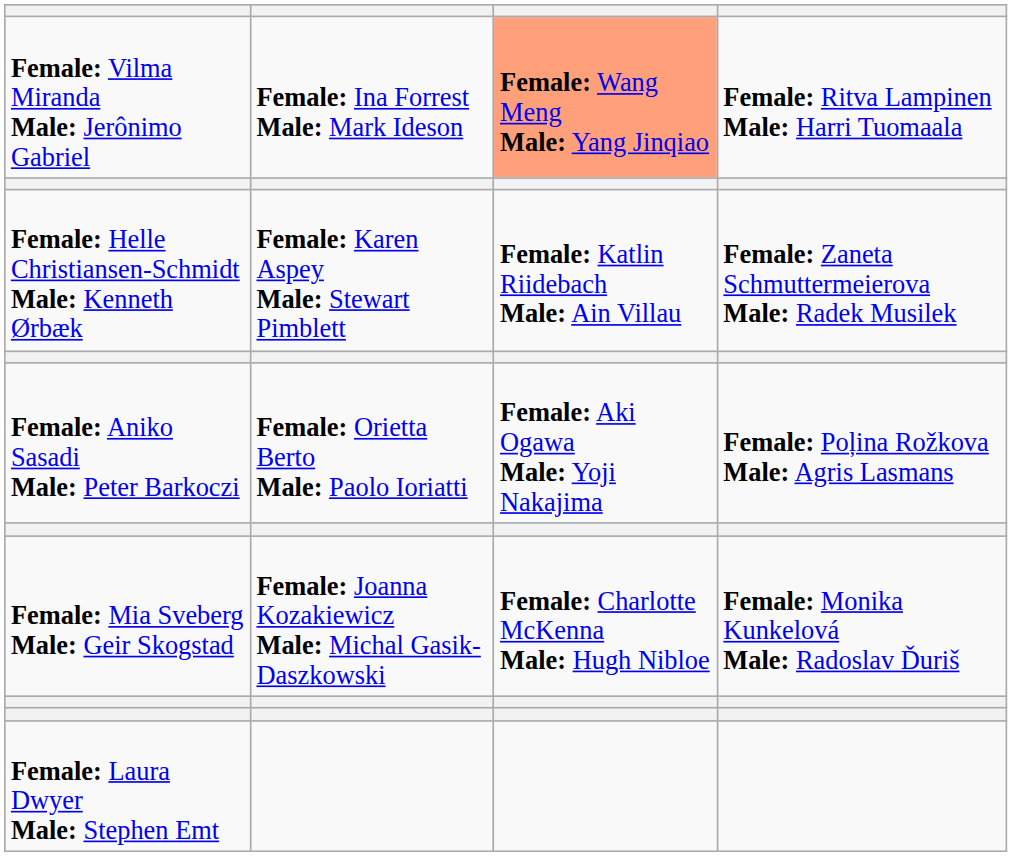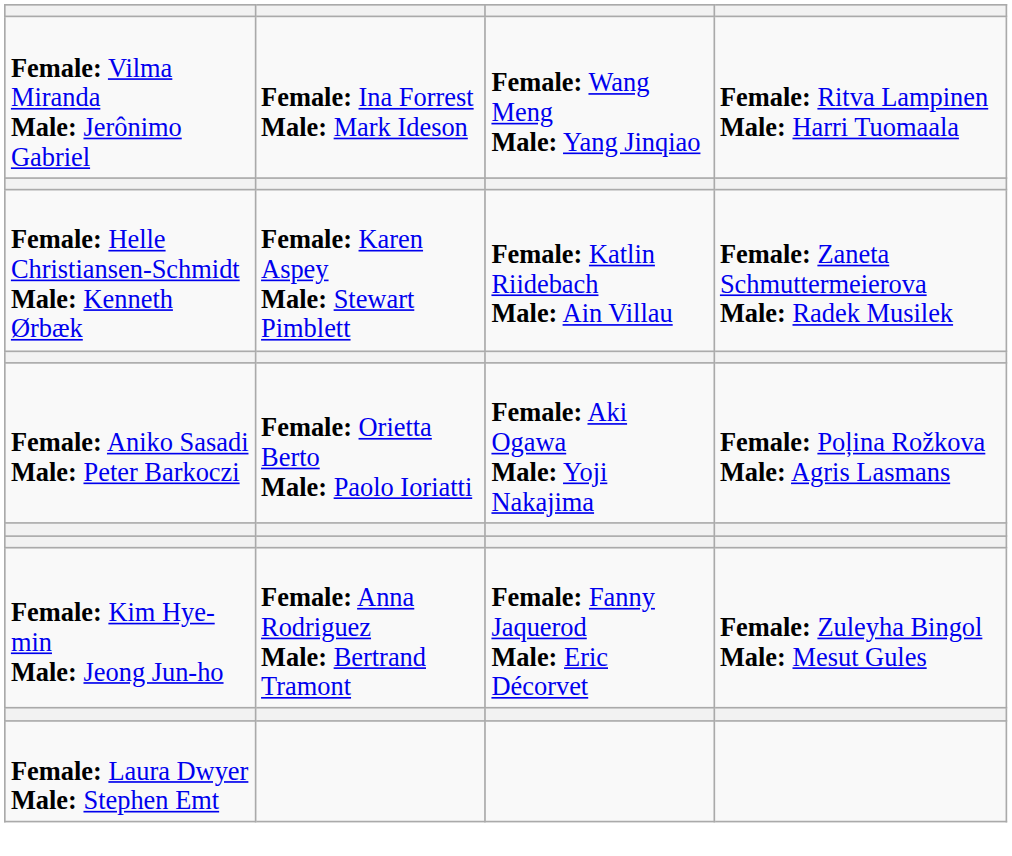 <table class="wikitable">
 <tr>
 <th width=250></th>
 <th width=250></th>
 <th width=250></th>
 <th width=250></th>
 </tr>
 <tr>
 <td><br><strong>Female:</strong> <a href='#'>Vilma Miranda</a><br> <strong>Male:</strong> <a href='#'>Jerônimo Gabriel</a></td>
 <td><br><strong>Female:</strong> <a href='#'>Ina Forrest</a><br> <strong>Male:</strong> <a href='#'>Mark Ideson</a></td>
-<td style="background: lightsalmon;"><br><strong>Female:</strong> <a href='#'>Wang Meng</a><br> <strong>Male:</strong> <a href='#'>Yang Jinqiao</a></td>
+<td><br><strong>Female:</strong> <a href='#'>Wang Meng</a><br> <strong>Male:</strong> <a href='#'>Yang Jinqiao</a></td>
 <td><br><strong>Female:</strong> <a href='#'>Ritva Lampinen</a><br> <strong>Male:</strong> <a href='#'>Harri Tuomaala</a></td>
 </tr>
 <tr>
 <th width=250></th>
 <th width=250></th>
 <th width=250></th>
 <th width=250></th>
 </tr>
 <tr>
 <td><br><strong>Female:</strong> <a href='#'>Helle Christiansen-Schmidt</a><br> <strong>Male:</strong> <a href='#'>Kenneth Ørbæk</a></td>
 <td><br><strong>Female:</strong> <a href='#'>Karen Aspey</a><br> <strong>Male:</strong> <a href='#'>Stewart Pimblett</a></td>
 <td><br><strong>Female:</strong> <a href='#'>Katlin Riidebach</a><br> <strong>Male:</strong> <a href='#'>Ain Villau</a></td>
 <td><br><strong>Female:</strong> <a href='#'>Zaneta Schmuttermeierova</a><br> <strong>Male:</strong> <a href='#'>Radek Musilek</a></td>
 </tr>
 <tr>
 <th width=250></th>
 <th width=250></th>
 <th width=250></th>
 <th width=250></th>
 </tr>
 <tr>
 <td><br><strong>Female:</strong> <a href='#'>Aniko Sasadi</a><br> <strong>Male:</strong> <a href='#'>Peter Barkoczi</a></td>
 <td><br><strong>Female:</strong> <a href='#'>Orietta Berto</a><br> <strong>Male:</strong> <a href='#'>Paolo Ioriatti</a></td>
 <td><br><strong>Female:</strong> <a href='#'>Aki Ogawa</a><br> <strong>Male:</strong> <a href='#'>Yoji Nakajima</a></td>
 <td><br><strong>Female:</strong> <a href='#'>Poļina Rožkova</a><br> <strong>Male:</strong> <a href='#'>Agris Lasmans</a></td>
 </tr>
 <tr>
 <th width=250></th>
 <th width=250></th>
 <th width=250></th>
 <th width=250></th>
 </tr>
 <tr>
-<td><br><strong>Female:</strong> <a href='#'>Mia Sveberg</a><br> <strong>Male:</strong> <a href='#'>Geir Skogstad</a></td>
-<td><br><strong>Female:</strong> <a href='#'>Joanna Kozakiewicz</a><br> <strong>Male:</strong> <a href='#'>Michal Gasik-Daszkowski</a></td>
-<td><br><strong>Female:</strong> <a href='#'>Charlotte McKenna</a><br> <strong>Male:</strong> <a href='#'>Hugh Nibloe</a></td>
-<td><br><strong>Female:</strong> <a href='#'>Monika Kunkelová</a><br> <strong>Male:</strong> <a href='#'>Radoslav Ďuriš</a></td>
-</tr>
-<tr>
 <th width=250></th>
 <th width=250></th>
 <th width=250></th>
 <th width=250></th>
+</tr>
+<tr>
+<td><br><strong>Female:</strong> <a href='#'>Kim Hye-min</a><br> <strong>Male:</strong> <a href='#'>Jeong Jun-ho</a></td>
+<td><br><strong>Female:</strong> <a href='#'>Anna Rodriguez</a><br> <strong>Male:</strong> <a href='#'>Bertrand Tramont</a></td>
+<td><br><strong>Female:</strong> <a href='#'>Fanny Jaquerod</a><br> <strong>Male:</strong> <a href='#'>Eric Décorvet</a></td>
+<td><br><strong>Female:</strong> <a href='#'>Zuleyha Bingol</a><br> <strong>Male:</strong> <a href='#'>Mesut Gules</a></td>
 </tr>
 <tr>
 <th width=250></th>
 <th width=250></th>
 <th width=250></th>
 <th width=250></th>
 </tr>
 <tr>
 <td><br><strong>Female:</strong> <a href='#'>Laura Dwyer</a><br> <strong>Male:</strong> <a href='#'>Stephen Emt</a></td>
 <td></td>
 <td></td>
 <td></td>
 </tr>
 </table>
